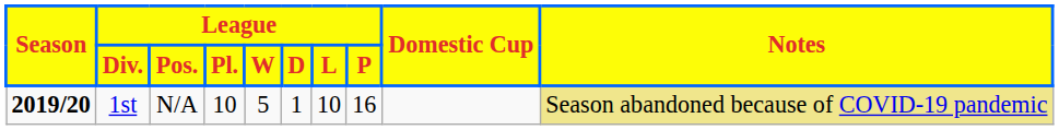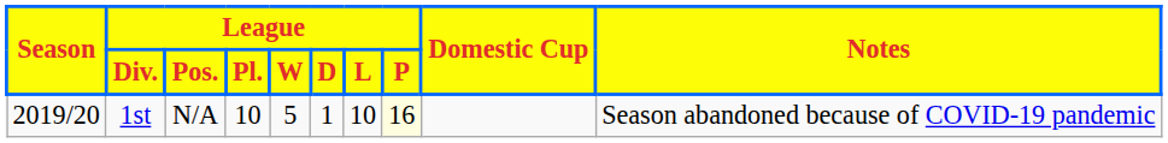 <table class="wikitable">
 <tr style="background:#FDFD07;">
 <th rowspan="2" ! style="background:#FDFD07; color:#E12C2C; border:2px solid #0066FF;" scope="col">Season</th>
 <th colspan="7" ! style="background:#FDFD07; color:#E12C2C; border:2px solid #0066FF;" scope="col">League</th>
 <th rowspan="2" ! style="background:#FDFD07; color:#E12C2C; border:2px solid #0066FF;" scope="col">Domestic Cup</th>
 <th rowspan="2" ! style="background:#FDFD07; color:#E12C2C; border:2px solid #0066FF;" scope="col">Notes</th>
 </tr>
 <tr>
 <th style="background:#FDFD07; color:#E12C2C; border:2px solid #0066FF;" scope="col">Div.</th>
 <th style="background:#FDFD07; color:#E12C2C; border:2px solid #0066FF;" scope="col">Pos.</th>
 <th style="background:#FDFD07; color:#E12C2C; border:2px solid #0066FF;" scope="col">Pl.</th>
 <th style="background:#FDFD07; color:#E12C2C; border:2px solid #0066FF;" scope="col">W</th>
 <th style="background:#FDFD07; color:#E12C2C; border:2px solid #0066FF;" scope="col">D</th>
 <th style="background:#FDFD07; color:#E12C2C; border:2px solid #0066FF;" scope="col">L</th>
 <th style="background:#FDFD07; color:#E12C2C; border:2px solid #0066FF;" scope="col">P</th>
 </tr>
 <tr>
-<td align=center><strong>2019/20</strong></td>
+<td align=center>2019/20</td>
 <td align=center><a href='#'>1st</a></td>
 <td style="text-align:center; ">N/A</td>
 <td align=center>10</td>
 <td align=center>5</td>
 <td align=center>1</td>
 <td align=center>10</td>
-<td align=center>16</td>
+<td align=center style="background: lightyellow;">16</td>
 <td align=center></td>
-<td style="background: khaki;">Season abandoned because of <a href='#'>COVID-19 pandemic</a></td>
+<td>Season abandoned because of <a href='#'>COVID-19 pandemic</a></td>
 </tr>
 </table>
